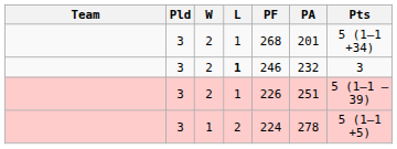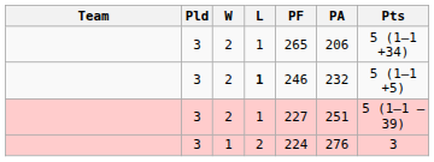 <table class="wikitable" style="text-align:center;">
 <tr>
 <th width=170>Team</th>
 <th width=25>Pld</th>
 <th width=25>W</th>
 <th width=25>L</th>
 <th width=35>PF</th>
 <th width=35>PA</th>
 <th width=65>Pts</th>
 </tr>
 <tr>
 <td align="left"></td>
 <td>3</td>
 <td>2</td>
 <td>1</td>
-<td>268</td>
-<td>201</td>
+<td>265</td>
+<td>206</td>
 <td>5 (1–1 +34)</td>
 </tr>
 <tr>
 <td align="left"></td>
 <td>3</td>
 <td>2</td>
 <td><strong>1</strong></td>
 <td>246</td>
 <td>232</td>
-<td>3</td>
+<td>5 (1–1 +5)</td>
 </tr>
 <tr bgcolor=#ffcccc>
 <td align="left"></td>
 <td>3</td>
 <td>2</td>
 <td>1</td>
-<td>226</td>
+<td>227</td>
 <td>251</td>
 <td>5 (1–1 –39)</td>
 </tr>
 <tr bgcolor=#ffcccc>
 <td align="left"></td>
 <td>3</td>
 <td>1</td>
 <td>2</td>
 <td>224</td>
-<td>278</td>
-<td>5 (1–1 +5)</td>
+<td>276</td>
+<td>3</td>
 </tr>
 </table>
